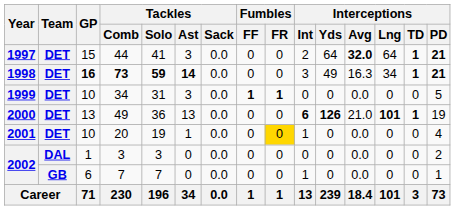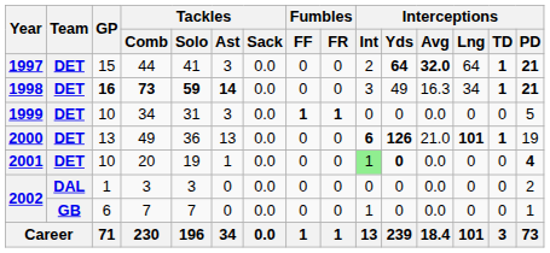 <table class="wikitable" style="text-align:center">
 <tr>
 <th rowspan="2">Year</th>
 <th rowspan="2">Team</th>
 <th rowspan="2">GP</th>
 <th colspan="4">Tackles</th>
 <th colspan="2">Fumbles</th>
 <th colspan="6">Interceptions</th>
 </tr>
 <tr>
 <th>Comb</th>
 <th>Solo</th>
 <th>Ast</th>
 <th>Sack</th>
 <th>FF</th>
 <th>FR</th>
 <th>Int</th>
 <th>Yds</th>
 <th>Avg</th>
 <th>Lng</th>
 <th>TD</th>
 <th>PD</th>
 </tr>
 <tr>
 <th><a href='#'>1997</a></th>
 <th><a href='#'>DET</a></th>
 <td>15</td>
 <td>44</td>
 <td>41</td>
 <td>3</td>
 <td>0.0</td>
 <td>0</td>
 <td>0</td>
 <td>2</td>
-<td>64</td>
+<td><strong>64</strong></td>
 <td><strong>32.0</strong></td>
 <td>64</td>
 <td><strong>1</strong></td>
 <td><strong>21</strong></td>
 </tr>
 <tr>
 <th><a href='#'>1998</a></th>
 <th><a href='#'>DET</a></th>
 <td><strong>16</strong></td>
 <td><strong>73</strong></td>
 <td><strong>59</strong></td>
 <td><strong>14</strong></td>
 <td>0.0</td>
 <td>0</td>
 <td>0</td>
 <td>3</td>
 <td>49</td>
 <td>16.3</td>
 <td>34</td>
 <td><strong>1</strong></td>
 <td><strong>21</strong></td>
 </tr>
 <tr>
 <th><a href='#'>1999</a></th>
 <th><a href='#'>DET</a></th>
 <td>10</td>
 <td>34</td>
 <td>31</td>
 <td>3</td>
 <td>0.0</td>
 <td><strong>1</strong></td>
 <td><strong>1</strong></td>
 <td>0</td>
 <td>0</td>
 <td>0.0</td>
 <td>0</td>
 <td>0</td>
 <td>5</td>
 </tr>
 <tr>
 <th><a href='#'>2000</a></th>
 <th><a href='#'>DET</a></th>
 <td>13</td>
 <td>49</td>
 <td>36</td>
 <td>13</td>
 <td>0.0</td>
 <td>0</td>
 <td>0</td>
 <td><strong>6</strong></td>
 <td><strong>126</strong></td>
 <td>21.0</td>
 <td><strong>101</strong></td>
 <td><strong>1</strong></td>
 <td>19</td>
 </tr>
 <tr>
 <th><a href='#'>2001</a></th>
 <th><a href='#'>DET</a></th>
 <td>10</td>
 <td>20</td>
 <td>19</td>
 <td>1</td>
 <td>0.0</td>
 <td>0</td>
-<td style="background: gold;">0</td>
-<td>1</td>
 <td>0</td>
+<td style="background: lightgreen;">1</td>
+<td><strong>0</strong></td>
 <td>0.0</td>
 <td>0</td>
 <td>0</td>
-<td>4</td>
+<td><strong>4</strong></td>
 </tr>
 <tr>
 <th rowspan="2"><a href='#'>2002</a></th>
 <th><a href='#'>DAL</a></th>
 <td>1</td>
 <td>3</td>
 <td>3</td>
 <td>0</td>
 <td>0.0</td>
 <td>0</td>
 <td>0</td>
 <td>0</td>
 <td>0</td>
 <td>0.0</td>
 <td>0</td>
 <td>0</td>
 <td>2</td>
 </tr>
 <tr>
 <th><a href='#'>GB</a></th>
 <td>6</td>
 <td>7</td>
 <td>7</td>
 <td>0</td>
 <td>0.0</td>
 <td>0</td>
 <td>0</td>
 <td>1</td>
 <td>0</td>
 <td>0.0</td>
 <td>0</td>
 <td>0</td>
 <td>1</td>
 </tr>
 <tr>
 <th colspan="2">Career</th>
 <th>71</th>
 <th>230</th>
 <th>196</th>
 <th>34</th>
 <th>0.0</th>
 <th>1</th>
 <th>1</th>
 <th>13</th>
 <th>239</th>
 <th>18.4</th>
 <th>101</th>
 <th>3</th>
 <th>73</th>
 </tr>
 </table>
